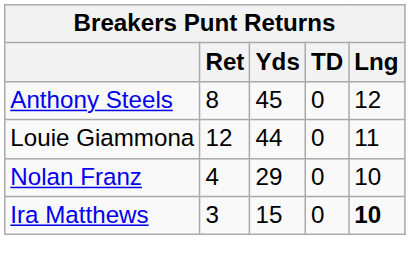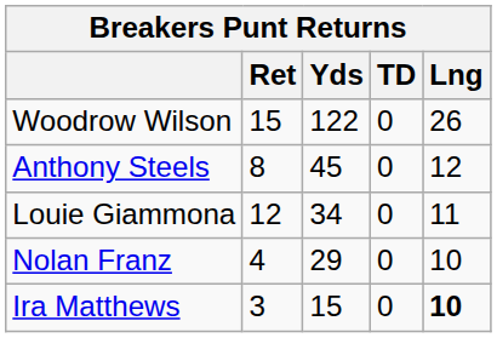 <table class="wikitable">
 <tr>
 <th colspan="5">Breakers Punt Returns</th>
 </tr>
 <tr>
 <th></th>
 <th>Ret</th>
 <th>Yds</th>
 <th>TD</th>
 <th>Lng</th>
 </tr>
 <tr>
+<td>Woodrow Wilson</td>
+<td>15</td>
+<td>122</td>
+<td>0</td>
+<td>26</td>
+</tr>
+<tr>
 <td><a href='#'>Anthony Steels</a></td>
 <td>8</td>
 <td>45</td>
 <td>0</td>
 <td>12</td>
 </tr>
 <tr>
 <td>Louie Giammona</td>
 <td>12</td>
-<td>44</td>
+<td>34</td>
 <td>0</td>
 <td>11</td>
 </tr>
 <tr>
 <td><a href='#'>Nolan Franz</a></td>
 <td>4</td>
 <td>29</td>
 <td>0</td>
 <td>10</td>
 </tr>
 <tr>
 <td><a href='#'>Ira Matthews</a></td>
 <td>3</td>
 <td>15</td>
 <td>0</td>
 <td><strong>10</strong></td>
 </tr>
 </table>
